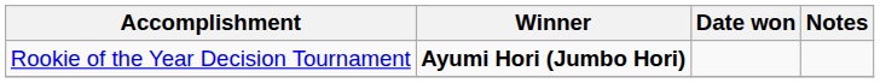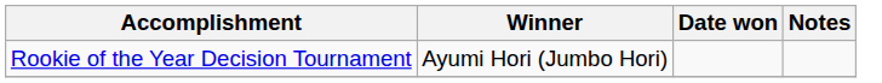 <table class="wikitable">
 <tr>
 <th>Accomplishment</th>
 <th>Winner</th>
 <th>Date won</th>
 <th>Notes</th>
 </tr>
 <tr>
 <td><a href='#'>Rookie of the Year Decision Tournament</a></td>
-<td><strong>Ayumi Hori (Jumbo Hori)</strong></td>
+<td>Ayumi Hori (Jumbo Hori)</td>
 <td></td>
 <td></td>
 </tr>
 <tr>
 </tr>
 </table>
